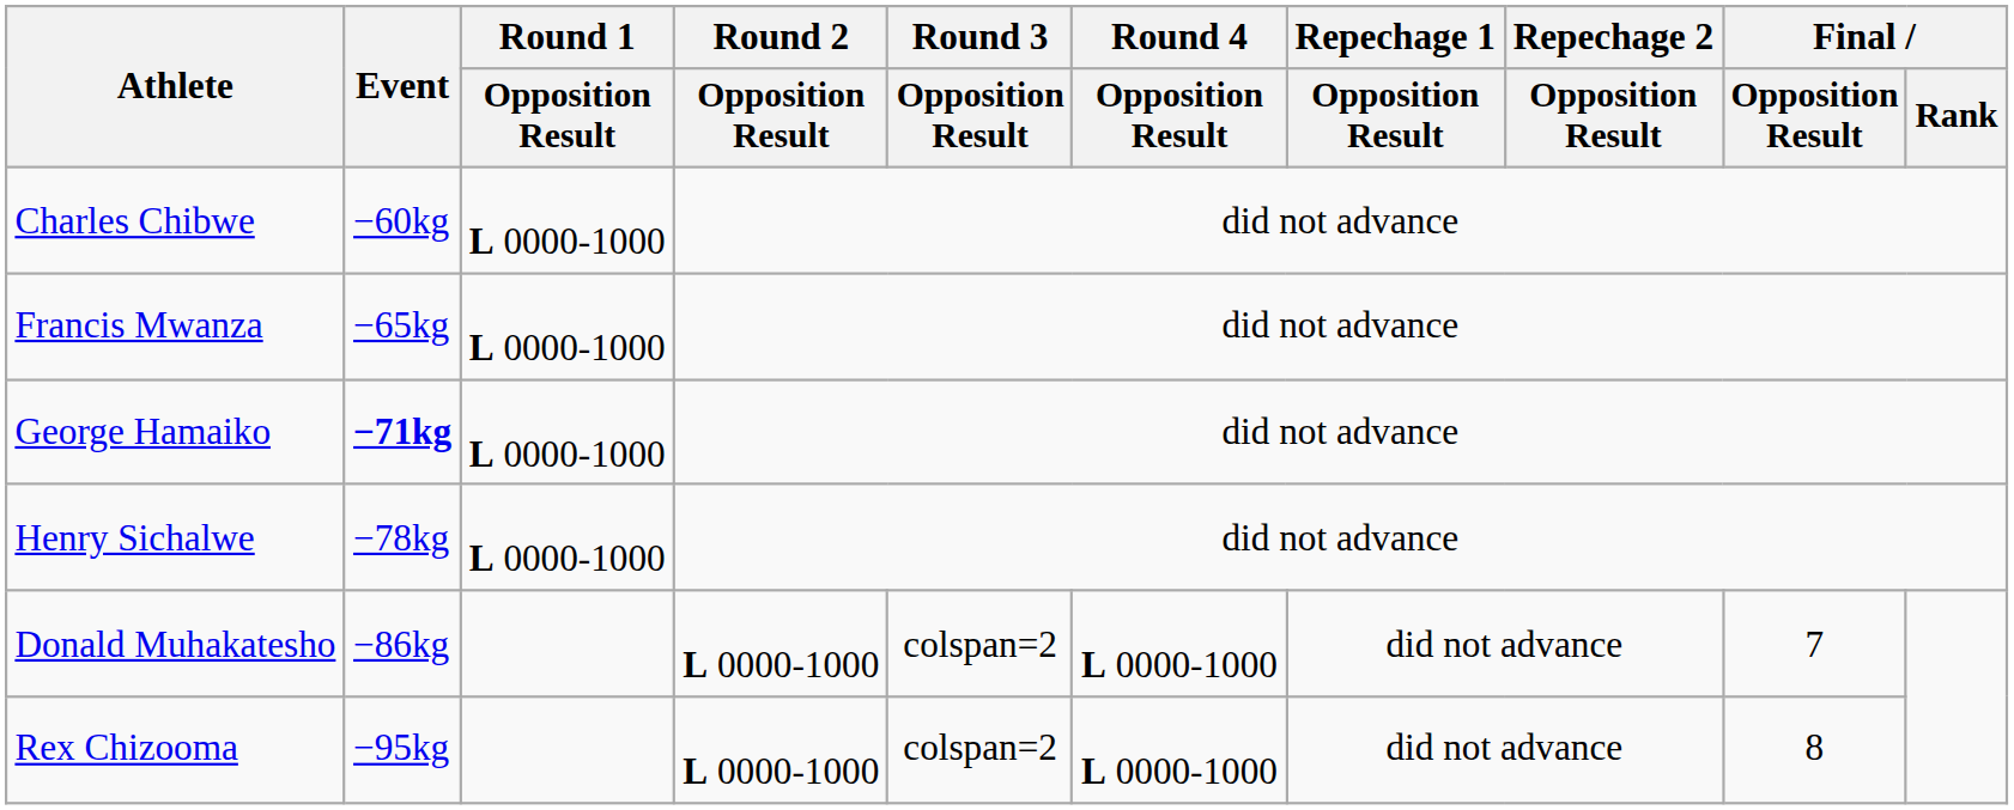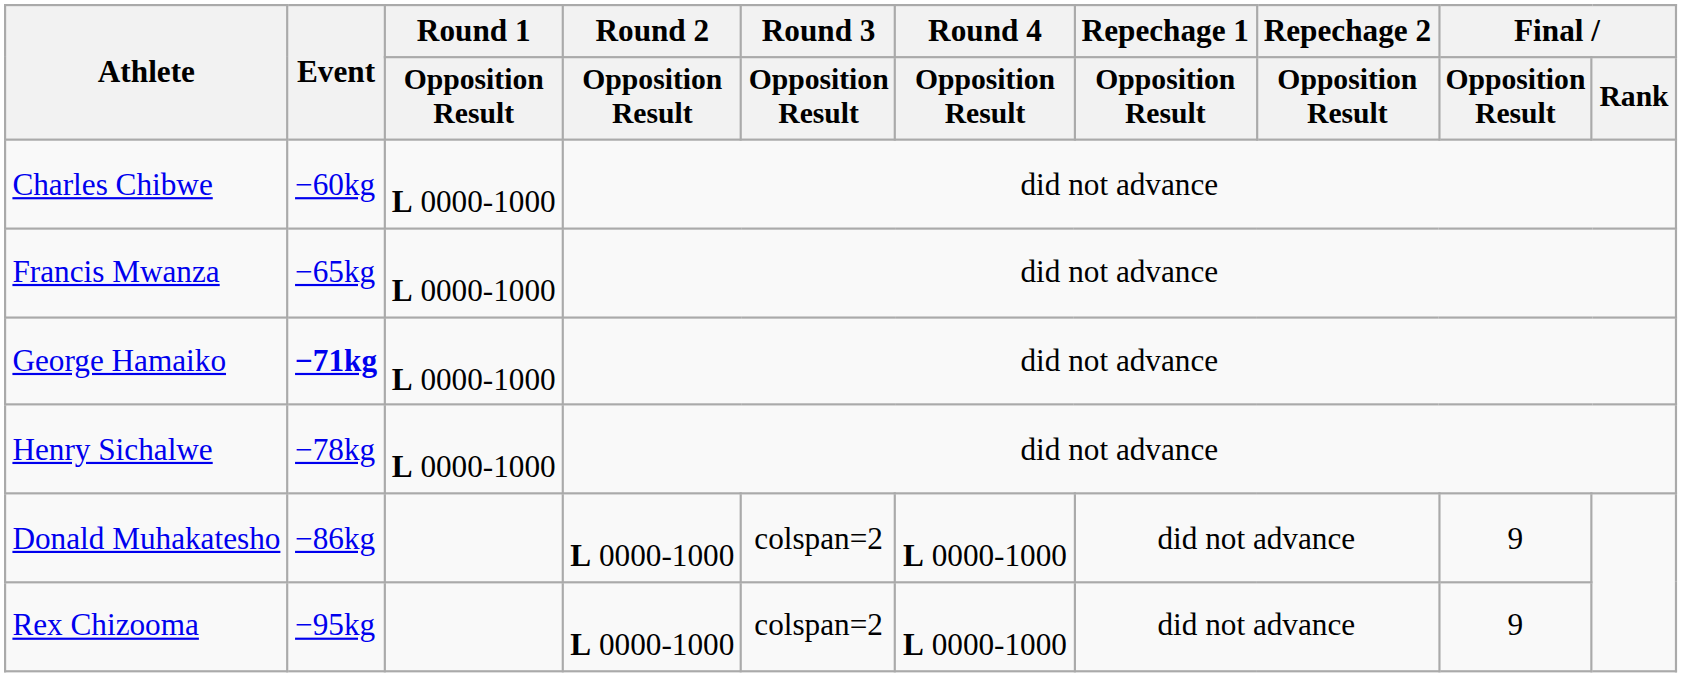 <table class="wikitable" style="font-size:90%">
 <tr>
 <th rowspan="2">Athlete</th>
 <th rowspan="2">Event</th>
 <th>Round 1</th>
 <th>Round 2</th>
 <th>Round 3</th>
 <th>Round 4</th>
 <th>Repechage 1</th>
 <th>Repechage 2</th>
 <th colspan=2>Final / </th>
 </tr>
 <tr style="font-size:95%">
 <th>Opposition<br>Result</th>
 <th>Opposition<br>Result</th>
 <th>Opposition<br>Result</th>
 <th>Opposition<br>Result</th>
 <th>Opposition<br>Result</th>
 <th>Opposition<br>Result</th>
 <th>Opposition<br>Result</th>
 <th>Rank</th>
 </tr>
 <tr align=center>
 <td align=left><a href='#'>Charles Chibwe</a></td>
 <td align=left><a href='#'>−60kg</a></td>
 <td><br><strong>L</strong> 0000-1000</td>
 <td colspan=7>did not advance</td>
 </tr>
 <tr align=center>
 <td align=left><a href='#'>Francis Mwanza</a></td>
 <td align=left><a href='#'>−65kg</a></td>
 <td><br><strong>L</strong> 0000-1000</td>
 <td colspan=7>did not advance</td>
 </tr>
 <tr align=center>
 <td align=left><a href='#'>George Hamaiko</a></td>
 <td align=left><strong><a href='#'>−71kg</a></strong></td>
 <td><br><strong>L</strong> 0000-1000</td>
 <td colspan=7>did not advance</td>
 </tr>
 <tr align=center>
 <td align=left><a href='#'>Henry Sichalwe</a></td>
 <td align=left><a href='#'>−78kg</a></td>
 <td><br><strong>L</strong> 0000-1000</td>
 <td colspan=7>did not advance</td>
 </tr>
 <tr align=center>
 <td align=left><a href='#'>Donald Muhakatesho</a></td>
 <td align=left><a href='#'>−86kg</a></td>
 <td></td>
 <td><br><strong>L</strong> 0000-1000</td>
 <td>colspan=2 </td>
 <td><br><strong>L</strong> 0000-1000</td>
 <td colspan=2>did not advance</td>
-<td>7</td>
+<td>9</td>
 </tr>
 <tr align=center>
 <td align=left><a href='#'>Rex Chizooma</a></td>
 <td align=left><a href='#'>−95kg</a></td>
 <td></td>
 <td><br><strong>L</strong> 0000-1000</td>
 <td>colspan=2 </td>
 <td><br><strong>L</strong> 0000-1000</td>
 <td colspan=2>did not advance</td>
-<td>8</td>
+<td>9</td>
 </tr>
 </table>
